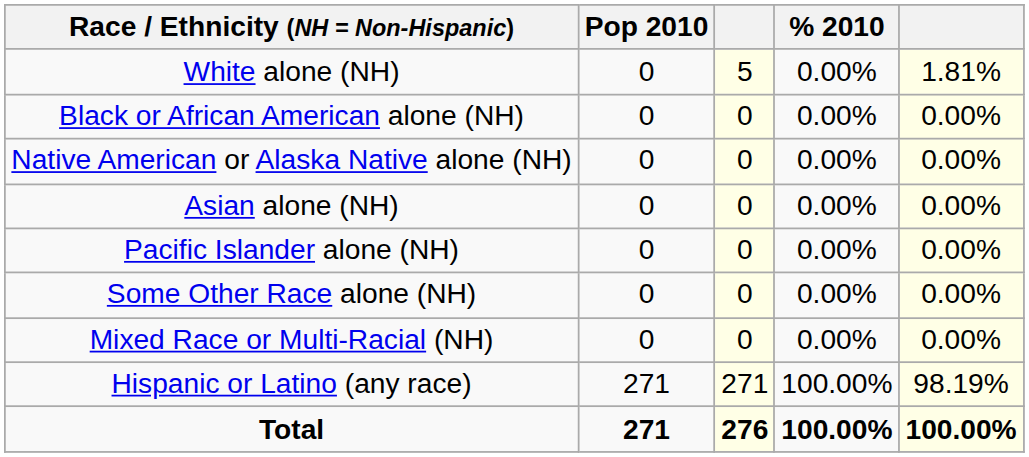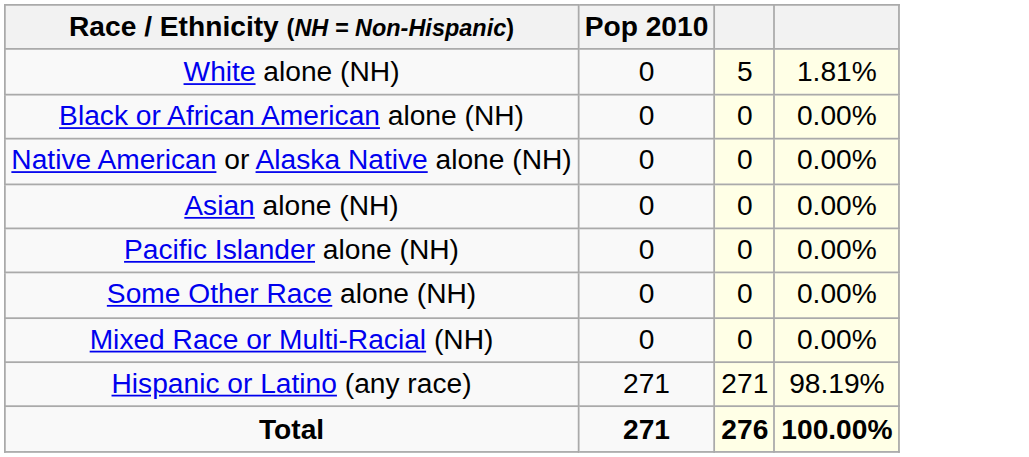 <table class="wikitable" style="text-align:center;">
 <tr>
 <th>Race / Ethnicity <small>(<em>NH = Non-Hispanic</em>)</small></th>
 <th>Pop 2010</th>
 <th></th>
-<th>% 2010</th>
 <th></th>
 </tr>
 <tr>
 <td><a href='#'>White</a> alone (NH)</td>
 <td>0</td>
 <td style='background: #ffffe6;'>5</td>
-<td>0.00%</td>
 <td style='background: #ffffe6;'>1.81%</td>
 </tr>
 <tr>
 <td><a href='#'>Black or African American</a> alone (NH)</td>
 <td>0</td>
 <td style='background: #ffffe6;'>0</td>
-<td>0.00%</td>
 <td style='background: #ffffe6;'>0.00%</td>
 </tr>
 <tr>
 <td><a href='#'>Native American</a> or <a href='#'>Alaska Native</a> alone (NH)</td>
 <td>0</td>
 <td style='background: #ffffe6;'>0</td>
-<td>0.00%</td>
 <td style='background: #ffffe6;'>0.00%</td>
 </tr>
 <tr>
 <td><a href='#'>Asian</a> alone (NH)</td>
 <td>0</td>
 <td style='background: #ffffe6;'>0</td>
-<td>0.00%</td>
 <td style='background: #ffffe6;'>0.00%</td>
 </tr>
 <tr>
 <td><a href='#'>Pacific Islander</a> alone (NH)</td>
 <td>0</td>
 <td style='background: #ffffe6;'>0</td>
-<td>0.00%</td>
 <td style='background: #ffffe6;'>0.00%</td>
 </tr>
 <tr>
 <td><a href='#'>Some Other Race</a> alone (NH)</td>
 <td>0</td>
 <td style='background: #ffffe6;'>0</td>
-<td>0.00%</td>
 <td style='background: #ffffe6;'>0.00%</td>
 </tr>
 <tr>
 <td><a href='#'>Mixed Race or Multi-Racial</a> (NH)</td>
 <td>0</td>
 <td style='background: #ffffe6;'>0</td>
-<td>0.00%</td>
 <td style='background: #ffffe6;'>0.00%</td>
 </tr>
 <tr>
 <td><a href='#'>Hispanic or Latino</a> (any race)</td>
 <td>271</td>
 <td style='background: #ffffe6;'>271</td>
-<td>100.00%</td>
 <td style='background: #ffffe6;'>98.19%</td>
 </tr>
 <tr>
 <td><strong>Total</strong></td>
 <td><strong>271</strong></td>
 <td style='background: #ffffe6;'><strong>276</strong></td>
-<td><strong>100.00%</strong></td>
 <td style='background: #ffffe6;'><strong>100.00%</strong></td>
 </tr>
 </table>
